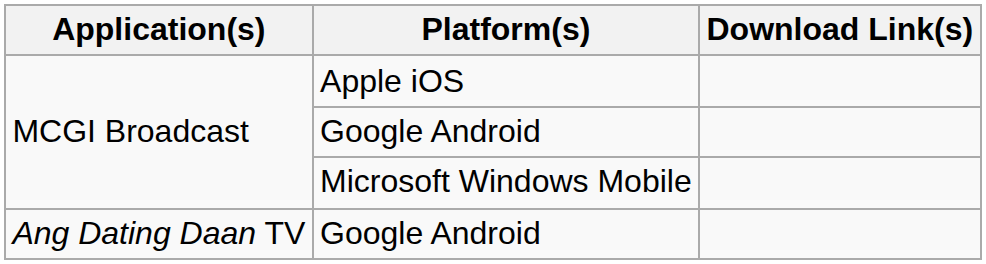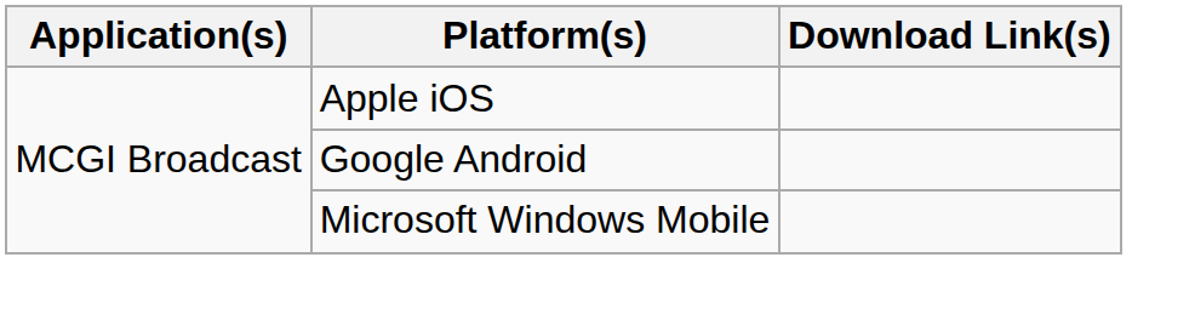 <table class="wikitable float center" style="=width:300px;">
 <tr>
 <th>Application(s)</th>
 <th>Platform(s)</th>
 <th>Download Link(s)</th>
 </tr>
 <tr>
 </tr>
 <tr style="font-size:100%">
 <td rowspan="3">MCGI Broadcast</td>
 <td>Apple iOS</td>
 <td></td>
 </tr>
 <tr style="font-size:100%">
 <td>Google Android</td>
 <td></td>
 </tr>
 <tr style="font-size:100%">
 <td>Microsoft Windows Mobile</td>
 <td></td>
 </tr>
-<tr style="font-size:100%">
-<td><em>Ang Dating Daan</em> TV</td>
-<td>Google Android</td>
-<td></td>
-</tr>
 </table>
